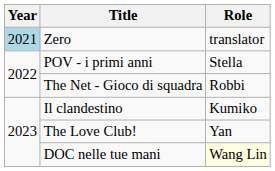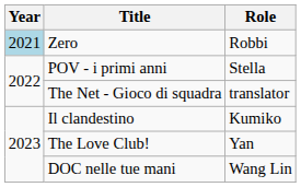 <table class="wikitable">
 <tr>
 <th>Year</th>
 <th>Title</th>
 <th>Role</th>
 </tr>
 <tr>
 <td style="background: lightblue;">2021</td>
 <td>Zero</td>
-<td>translator</td>
+<td>Robbi</td>
 </tr>
 <tr>
 <td rowspan="2">2022</td>
 <td>POV - i primi anni</td>
 <td>Stella</td>
 </tr>
 <tr>
 <td>The Net - Gioco di squadra</td>
-<td>Robbi</td>
+<td>translator</td>
 </tr>
 <tr>
 <td rowspan="3">2023</td>
 <td>Il clandestino</td>
 <td>Kumiko</td>
 </tr>
 <tr>
 <td>The Love Club!</td>
 <td>Yan</td>
 </tr>
 <tr>
 <td>DOC nelle tue mani</td>
-<td style="background: lightyellow;">Wang Lin</td>
+<td>Wang Lin</td>
 </tr>
 </table>
